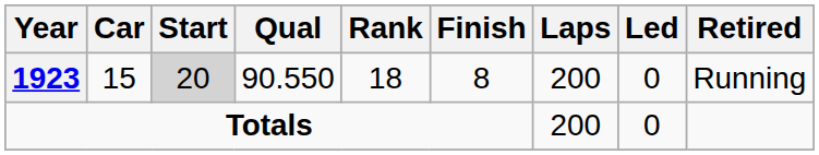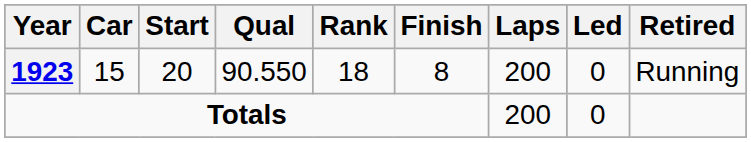 <table class="wikitable" style="text-align:center">
 <tr>
 <th>Year</th>
 <th>Car</th>
 <th>Start</th>
 <th>Qual</th>
 <th>Rank</th>
 <th>Finish</th>
 <th>Laps</th>
 <th>Led</th>
 <th>Retired</th>
 </tr>
 <tr>
 <th><a href='#'>1923</a></th>
 <td>15</td>
-<td style="background: lightgrey;">20</td>
+<td>20</td>
 <td>90.550</td>
 <td>18</td>
 <td>8</td>
 <td>200</td>
 <td>0</td>
 <td>Running</td>
 </tr>
 <tr>
 <td colspan=6><strong>Totals</strong></td>
 <td>200</td>
 <td>0</td>
 <td></td>
 </tr>
 </table>
